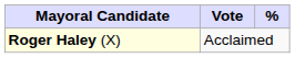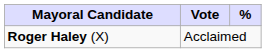 <table class="wikitable">
 <tr>
 <th style="background:#ddf; width:200px;">Mayoral Candidate</th>
 <th style="background:#ddf; width:50px;">Vote</th>
 <th style="background:#ddf; width:30px;">%</th>
 </tr>
 <tr>
-<td style="background: lightyellow;"><strong>Roger Haley</strong> (X)</td>
+<td><strong>Roger Haley</strong> (X)</td>
 <td colspan="2">Acclaimed</td>
 </tr>
 </table>
